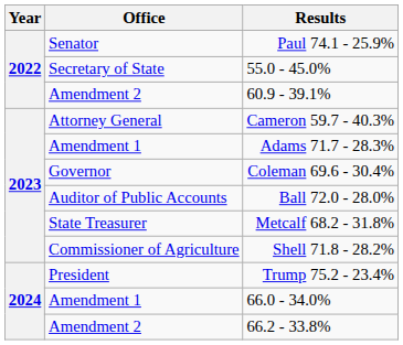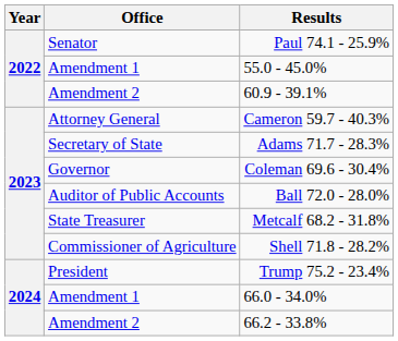 <table class=wikitable>
 <tr>
 <th>Year</th>
 <th>Office</th>
 <th>Results</th>
 </tr>
 <tr>
 <th rowspan=3><a href='#'>2022</a></th>
 <td><a href='#'>Senator</a></td>
 <td align="right" ><a href='#'>Paul</a> 74.1 - 25.9%</td>
 </tr>
 <tr>
-<td><a href='#'>Secretary of State</a></td>
+<td><a href='#'>Amendment 1</a></td>
 <td> 55.0 - 45.0%</td>
 </tr>
 <tr>
 <td><a href='#'>Amendment 2</a></td>
 <td> 60.9 - 39.1%</td>
 </tr>
 <tr>
 <th rowspan=6><a href='#'>2023</a></th>
 <td><a href='#'>Attorney General</a></td>
 <td align="right" ><a href='#'>Cameron</a> 59.7 - 40.3%</td>
 </tr>
 <tr>
-<td><a href='#'>Amendment 1</a></td>
+<td><a href='#'>Secretary of State</a></td>
 <td align="right" ><a href='#'>Adams</a> 71.7 - 28.3%</td>
 </tr>
 <tr>
 <td><a href='#'>Governor</a></td>
 <td align="right" ><a href='#'>Coleman</a> 69.6 - 30.4%</td>
 </tr>
 <tr>
 <td><a href='#'>Auditor of Public Accounts</a></td>
 <td align="right" ><a href='#'>Ball</a> 72.0 - 28.0%</td>
 </tr>
 <tr>
 <td><a href='#'>State Treasurer</a></td>
 <td align="right" ><a href='#'>Metcalf</a> 68.2 - 31.8%</td>
 </tr>
 <tr>
 <td><a href='#'>Commissioner of Agriculture</a></td>
 <td align="right" ><a href='#'>Shell</a> 71.8 - 28.2%</td>
 </tr>
 <tr>
 <th rowspan=3><a href='#'>2024</a></th>
 <td><a href='#'>President</a></td>
 <td align="right" ><a href='#'>Trump</a> 75.2 - 23.4%</td>
 </tr>
 <tr>
 <td><a href='#'>Amendment 1</a></td>
 <td> 66.0 - 34.0%</td>
 </tr>
 <tr>
 <td><a href='#'>Amendment 2</a></td>
 <td> 66.2 - 33.8%</td>
 </tr>
 </table>
